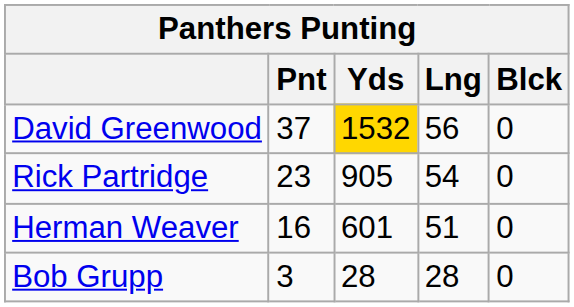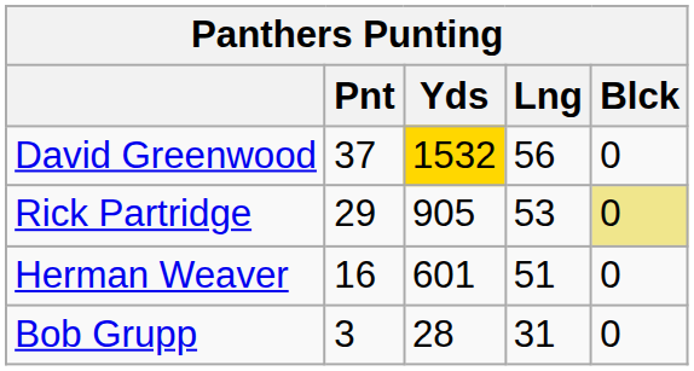 <table class="wikitable">
 <tr>
 <th colspan="5">Panthers Punting</th>
 </tr>
 <tr>
 <th></th>
 <th>Pnt</th>
 <th>Yds</th>
 <th>Lng</th>
 <th>Blck</th>
 </tr>
 <tr>
 <td><a href='#'>David Greenwood</a></td>
 <td>37</td>
 <td style="background: gold;">1532</td>
 <td>56</td>
 <td>0</td>
 </tr>
 <tr>
 <td><a href='#'>Rick Partridge</a></td>
-<td>23</td>
+<td>29</td>
 <td>905</td>
-<td>54</td>
-<td>0</td>
+<td>53</td>
+<td style="background: khaki;">0</td>
 </tr>
 <tr>
 <td><a href='#'>Herman Weaver</a></td>
 <td>16</td>
 <td>601</td>
 <td>51</td>
 <td>0</td>
 </tr>
 <tr>
 <td><a href='#'>Bob Grupp</a></td>
 <td>3</td>
 <td>28</td>
-<td>28</td>
+<td>31</td>
 <td>0</td>
 </tr>
 </table>
